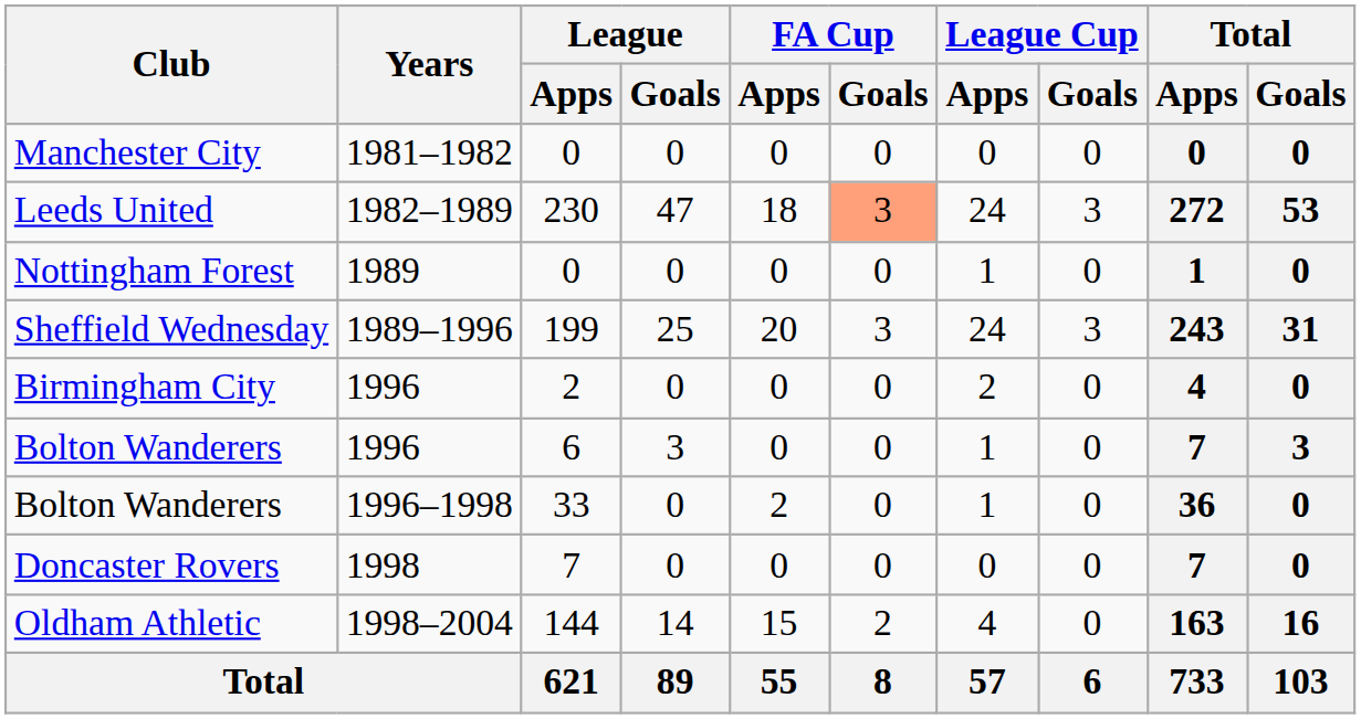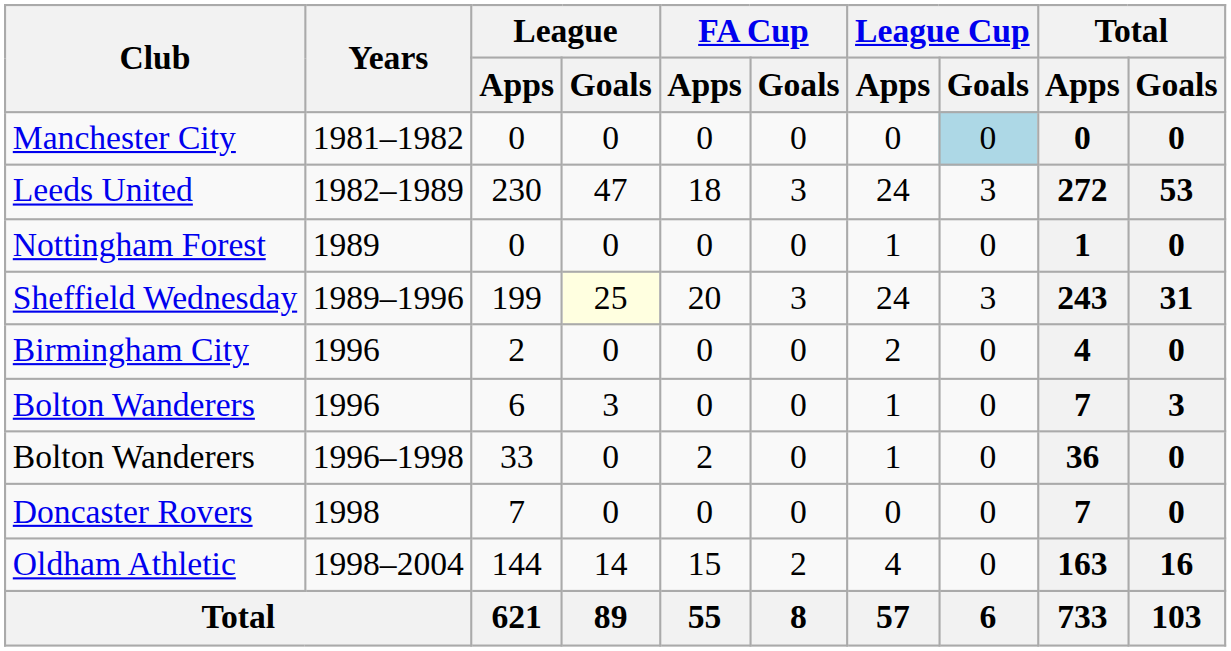 <table class=wikitable style="text-align:center">
 <tr>
 <th rowspan=2>Club</th>
 <th rowspan=2>Years</th>
 <th colspan=2>League</th>
 <th colspan=2><a href='#'>FA Cup</a></th>
 <th colspan=2><a href='#'>League Cup</a></th>
 <th colspan=2>Total</th>
 </tr>
 <tr>
 <th>Apps</th>
 <th>Goals</th>
 <th>Apps</th>
 <th>Goals</th>
 <th>Apps</th>
 <th>Goals</th>
 <th>Apps</th>
 <th>Goals</th>
 </tr>
 <tr>
 <td align=left><a href='#'>Manchester City</a></td>
 <td align=left>1981–1982</td>
 <td>0</td>
 <td>0</td>
 <td>0</td>
 <td>0</td>
 <td>0</td>
-<td>0</td>
+<td style="background: lightblue;">0</td>
 <th>0</th>
 <th>0</th>
 </tr>
 <tr>
 <td align=left><a href='#'>Leeds United</a></td>
 <td align=left>1982–1989</td>
 <td>230</td>
 <td>47</td>
 <td>18</td>
-<td style="background: lightsalmon;">3</td>
+<td>3</td>
 <td>24</td>
 <td>3</td>
 <th>272</th>
 <th>53</th>
 </tr>
 <tr>
 <td align=left><a href='#'>Nottingham Forest</a></td>
 <td align=left>1989</td>
 <td>0</td>
 <td>0</td>
 <td>0</td>
 <td>0</td>
 <td>1</td>
 <td>0</td>
 <th>1</th>
 <th>0</th>
 </tr>
 <tr>
 <td align=left><a href='#'>Sheffield Wednesday</a></td>
 <td align=left>1989–1996</td>
 <td>199</td>
-<td>25</td>
+<td style="background: lightyellow;">25</td>
 <td>20</td>
 <td>3</td>
 <td>24</td>
 <td>3</td>
 <th>243</th>
 <th>31</th>
 </tr>
 <tr>
 <td align=left><a href='#'>Birmingham City</a></td>
 <td align=left>1996</td>
 <td>2</td>
 <td>0</td>
 <td>0</td>
 <td>0</td>
 <td>2</td>
 <td>0</td>
 <th>4</th>
 <th>0</th>
 </tr>
 <tr>
 <td align=left><a href='#'>Bolton Wanderers</a></td>
 <td align=left>1996</td>
 <td>6</td>
 <td>3</td>
 <td>0</td>
 <td>0</td>
 <td>1</td>
 <td>0</td>
 <th>7</th>
 <th>3</th>
 </tr>
 <tr>
 <td align=left>Bolton Wanderers</td>
 <td align=left>1996–1998</td>
 <td>33</td>
 <td>0</td>
 <td>2</td>
 <td>0</td>
 <td>1</td>
 <td>0</td>
 <th>36</th>
 <th>0</th>
 </tr>
 <tr>
 <td align=left><a href='#'>Doncaster Rovers</a></td>
 <td align=left>1998</td>
 <td>7</td>
 <td>0</td>
 <td>0</td>
 <td>0</td>
 <td>0</td>
 <td>0</td>
 <th>7</th>
 <th>0</th>
 </tr>
 <tr>
 <td align=left><a href='#'>Oldham Athletic</a></td>
 <td align=left>1998–2004</td>
 <td>144</td>
 <td>14</td>
 <td>15</td>
 <td>2</td>
 <td>4</td>
 <td>0</td>
 <th>163</th>
 <th>16</th>
 </tr>
 <tr>
 <th colspan=2>Total</th>
 <th>621</th>
 <th>89</th>
 <th>55</th>
 <th>8</th>
 <th>57</th>
 <th>6</th>
 <th>733</th>
 <th>103</th>
 </tr>
 </table>
